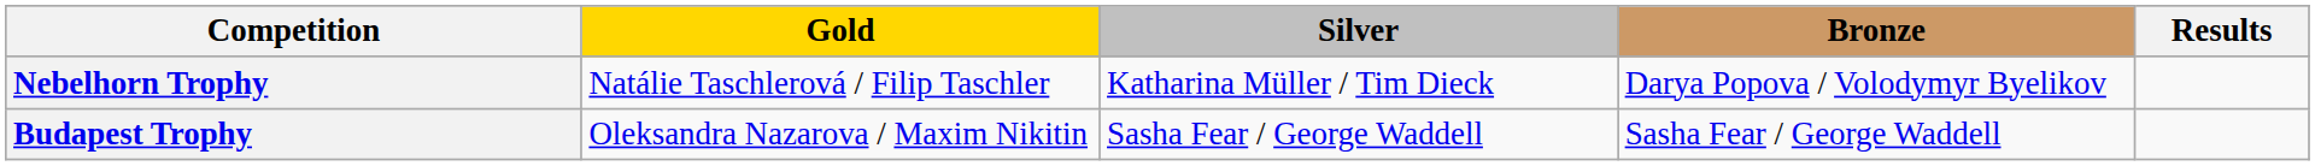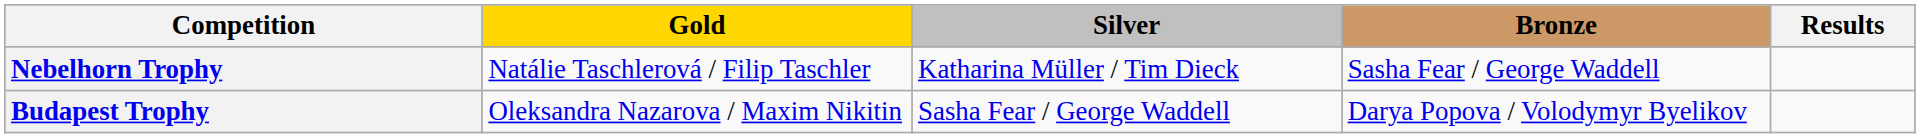 <table class="wikitable unsortable" style="text-align:left; width:90%;">
 <tr>
 <th scope="col" style="text-align:center; width:25%;">Competition</th>
 <td scope="col" style="text-align:center; width:22.5%; background:gold"><strong>Gold</strong></td>
 <td scope="col" style="text-align:center; width:22.5%; background:silver"><strong>Silver</strong></td>
 <td scope="col" style="text-align:center; width:22.5%; background:#c96"><strong>Bronze</strong></td>
 <th scope="col" style="text-align:center; width:7.5%;">Results</th>
 </tr>
 <tr>
 <th scope="row" style="text-align:left"> <a href='#'>Nebelhorn Trophy</a></th>
 <td> <a href='#'>Natálie Taschlerová</a> / <a href='#'>Filip Taschler</a></td>
 <td> <a href='#'>Katharina Müller</a> / <a href='#'>Tim Dieck</a></td>
-<td> <a href='#'>Darya Popova</a> / <a href='#'>Volodymyr Byelikov</a></td>
+<td> <a href='#'>Sasha Fear</a> / <a href='#'>George Waddell</a></td>
 <td></td>
 </tr>
 <tr>
 <th scope="row" style="text-align:left"> <a href='#'>Budapest Trophy</a></th>
 <td> <a href='#'>Oleksandra Nazarova</a> / <a href='#'>Maxim Nikitin</a></td>
 <td> <a href='#'>Sasha Fear</a> / <a href='#'>George Waddell</a></td>
-<td> <a href='#'>Sasha Fear</a> / <a href='#'>George Waddell</a></td>
+<td> <a href='#'>Darya Popova</a> / <a href='#'>Volodymyr Byelikov</a></td>
 <td></td>
 </tr>
 </table>
